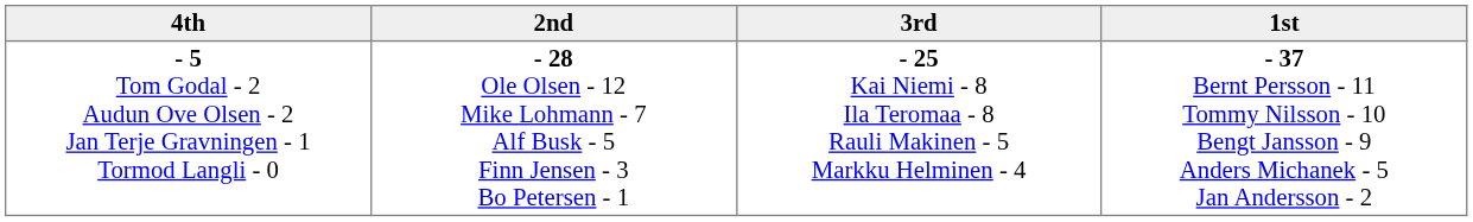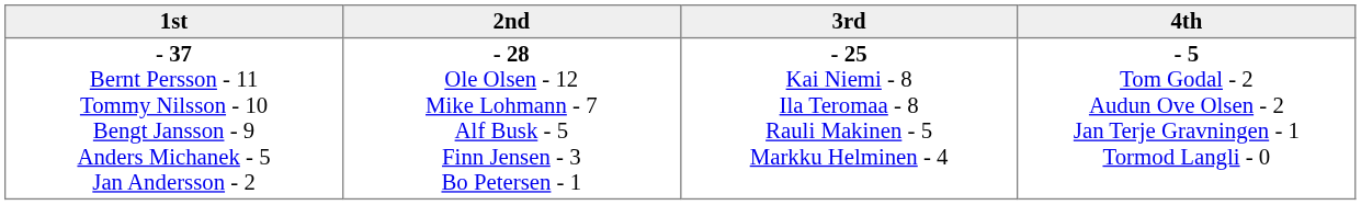 <table border=1 cellpadding=2 cellspacing=0 width=75% style="border-collapse:collapse">
 <tr align=center style="background:#efefef;">
-<th width=20%>4th</th>
+<th width=20% >1st</th>
 <th width=20% >2nd</th>
 <th width=20% >3rd</th>
-<th width=20% >1st</th>
+<th width=20%>4th</th>
 </tr>
 <tr align=center>
-<td valign=top><strong> - 5</strong><br><a href='#'>Tom Godal</a> - 2<br><a href='#'>Audun Ove Olsen</a> - 2<br><a href='#'>Jan Terje Gravningen</a> - 1<br><a href='#'>Tormod Langli</a>  - 0</td>
+<td valign=top ><strong> - 37</strong><br><a href='#'>Bernt Persson</a> - 11<br><a href='#'>Tommy Nilsson</a> - 10<br><a href='#'>Bengt Jansson</a> - 9<br><a href='#'>Anders Michanek</a> - 5<br><a href='#'>Jan Andersson</a> - 2</td>
 <td valign=top ><strong> - 28</strong><br><a href='#'>Ole Olsen</a> - 12<br><a href='#'>Mike Lohmann</a> - 7<br><a href='#'>Alf Busk</a> - 5<br><a href='#'>Finn Jensen</a> - 3<br><a href='#'>Bo Petersen</a> - 1</td>
 <td valign=top ><strong> - 25</strong><br><a href='#'>Kai Niemi</a> - 8<br><a href='#'>Ila Teromaa</a> - 8<br><a href='#'>Rauli Makinen</a> - 5<br><a href='#'>Markku Helminen</a> - 4</td>
-<td valign=top ><strong> - 37</strong><br><a href='#'>Bernt Persson</a> - 11<br><a href='#'>Tommy Nilsson</a> - 10<br><a href='#'>Bengt Jansson</a> - 9<br><a href='#'>Anders Michanek</a> - 5<br><a href='#'>Jan Andersson</a> - 2</td>
+<td valign=top><strong> - 5</strong><br><a href='#'>Tom Godal</a> - 2<br><a href='#'>Audun Ove Olsen</a> - 2<br><a href='#'>Jan Terje Gravningen</a> - 1<br><a href='#'>Tormod Langli</a>  - 0</td>
 </tr>
 </table>
